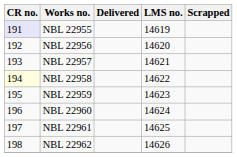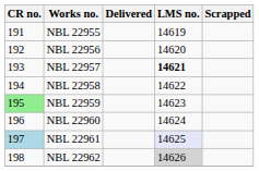 <table class="wikitable sortable">
 <tr>
 <th>CR no.</th>
 <th>Works no.</th>
 <th>Delivered</th>
 <th>LMS no.</th>
 <th>Scrapped</th>
 </tr>
 <tr>
-<td style="background: lavender;">191</td>
+<td>191</td>
 <td>NBL 22955</td>
 <td></td>
 <td>14619</td>
 <td></td>
 </tr>
 <tr>
 <td>192</td>
 <td>NBL 22956</td>
 <td></td>
 <td>14620</td>
 <td></td>
 </tr>
 <tr>
 <td>193</td>
 <td>NBL 22957</td>
 <td></td>
-<td>14621</td>
+<td><strong>14621</strong></td>
 <td></td>
 </tr>
 <tr>
-<td style="background: lightyellow;">194</td>
+<td>194</td>
 <td>NBL 22958</td>
 <td></td>
 <td>14622</td>
 <td></td>
 </tr>
 <tr>
-<td>195</td>
+<td style="background: lightgreen;">195</td>
 <td>NBL 22959</td>
 <td></td>
 <td>14623</td>
 <td></td>
 </tr>
 <tr>
 <td>196</td>
 <td>NBL 22960</td>
 <td></td>
 <td>14624</td>
 <td></td>
 </tr>
 <tr>
-<td>197</td>
+<td style="background: lightblue;">197</td>
 <td>NBL 22961</td>
 <td></td>
-<td>14625</td>
+<td style="background: lavender;">14625</td>
 <td></td>
 </tr>
 <tr>
 <td>198</td>
 <td>NBL 22962</td>
 <td></td>
-<td>14626</td>
+<td style="background: lightgrey;">14626</td>
 <td></td>
 </tr>
 <tr>
 </tr>
 </table>
